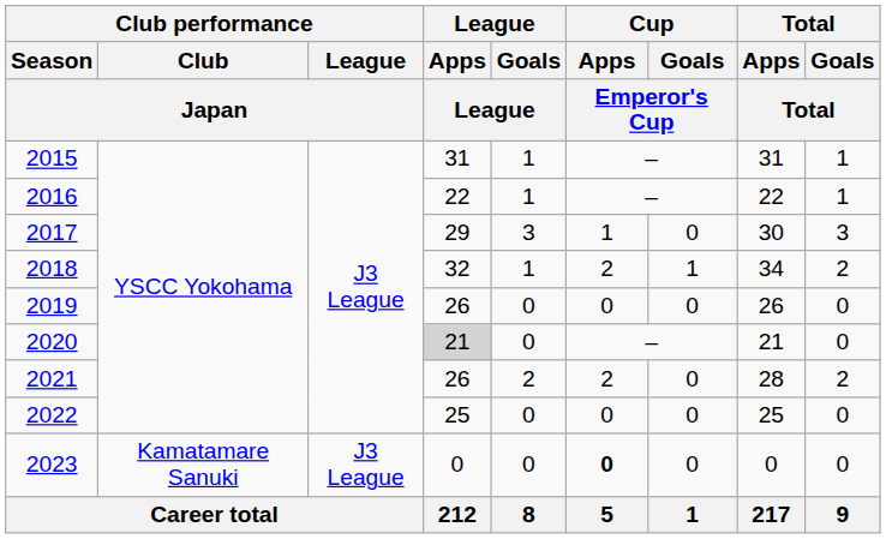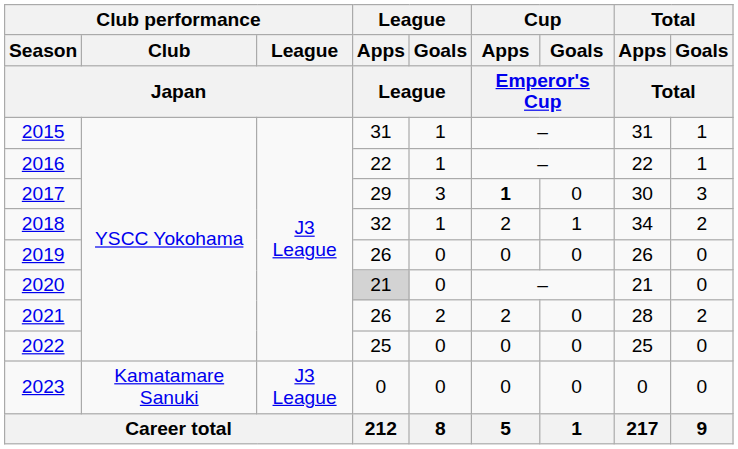 <table class="wikitable" style="text-align:center">
 <tr>
 <th colspan=3>Club performance</th>
 <th colspan=2>League</th>
 <th colspan=2>Cup</th>
 <th colspan=2>Total</th>
 </tr>
 <tr>
 <th>Season</th>
 <th>Club</th>
 <th>League</th>
 <th>Apps</th>
 <th>Goals</th>
 <th>Apps</th>
 <th>Goals</th>
 <th>Apps</th>
 <th>Goals</th>
 </tr>
 <tr>
 <th colspan=3>Japan</th>
 <th colspan=2>League</th>
 <th colspan=2><a href='#'>Emperor's Cup</a></th>
 <th colspan=2>Total</th>
 </tr>
 <tr>
 <td><a href='#'>2015</a></td>
 <td rowspan="8"><a href='#'>YSCC Yokohama</a></td>
 <td rowspan="8"><a href='#'>J3 League</a></td>
 <td>31</td>
 <td>1</td>
 <td colspan="2">–</td>
 <td>31</td>
 <td>1</td>
 </tr>
 <tr>
 <td><a href='#'>2016</a></td>
 <td>22</td>
 <td>1</td>
 <td colspan="2">–</td>
 <td>22</td>
 <td>1</td>
 </tr>
 <tr>
 <td><a href='#'>2017</a></td>
 <td>29</td>
 <td>3</td>
-<td>1</td>
+<td><strong>1</strong></td>
 <td>0</td>
 <td>30</td>
 <td>3</td>
 </tr>
 <tr>
 <td><a href='#'>2018</a></td>
 <td>32</td>
 <td>1</td>
 <td>2</td>
 <td>1</td>
 <td>34</td>
 <td>2</td>
 </tr>
 <tr>
 <td><a href='#'>2019</a></td>
 <td>26</td>
 <td>0</td>
 <td>0</td>
 <td>0</td>
 <td>26</td>
 <td>0</td>
 </tr>
 <tr>
 <td><a href='#'>2020</a></td>
 <td style="background: lightgrey;">21</td>
 <td>0</td>
 <td colspan="2">–</td>
 <td>21</td>
 <td>0</td>
 </tr>
 <tr>
 <td><a href='#'>2021</a></td>
 <td>26</td>
 <td>2</td>
 <td>2</td>
 <td>0</td>
 <td>28</td>
 <td>2</td>
 </tr>
 <tr>
 <td><a href='#'>2022</a></td>
 <td>25</td>
 <td>0</td>
 <td>0</td>
 <td>0</td>
 <td>25</td>
 <td>0</td>
 </tr>
 <tr>
 <td><a href='#'>2023</a></td>
 <td><a href='#'>Kamatamare Sanuki</a></td>
 <td><a href='#'>J3 League</a></td>
 <td>0</td>
 <td>0</td>
-<td><strong>0</strong></td>
+<td>0</td>
 <td>0</td>
 <td>0</td>
 <td>0</td>
 </tr>
 <tr>
 <th colspan=3>Career total</th>
 <th>212</th>
 <th>8</th>
 <th>5</th>
 <th>1</th>
 <th>217</th>
 <th>9</th>
 </tr>
 </table>
